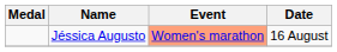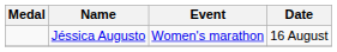 <table class="wikitable sortable">
 <tr>
 <th>Medal</th>
 <th>Name</th>
 <th>Event</th>
 <th>Date</th>
 </tr>
 <tr>
 <td></td>
 <td><a href='#'>Jéssica Augusto</a></td>
-<td style="background: lightsalmon;"><a href='#'>Women's marathon</a></td>
+<td><a href='#'>Women's marathon</a></td>
 <td>16 August</td>
 </tr>
 <tr>
 </tr>
 </table>
